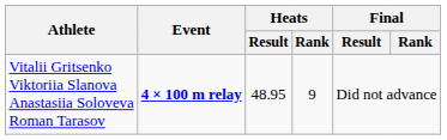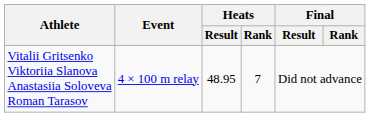 <table class=wikitable style=font-size:90%;text-align:center>
 <tr>
 <th rowspan=2>Athlete</th>
 <th rowspan=2>Event</th>
 <th colspan=2>Heats</th>
 <th colspan=2>Final</th>
 </tr>
 <tr style=font-size:95%>
 <th>Result</th>
 <th>Rank</th>
 <th>Result</th>
 <th>Rank</th>
 </tr>
 <tr>
 <td align=left><a href='#'>Vitalii Gritsenko</a><br><a href='#'>Viktoriia Slanova</a><br><a href='#'>Anastasiia Soloveva</a><br><a href='#'>Roman Tarasov</a></td>
-<td align=left><strong><a href='#'>4 × 100 m relay</a></strong></td>
+<td align=left><a href='#'>4 × 100 m relay</a></td>
 <td>48.95</td>
-<td>9</td>
+<td>7</td>
 <td colspan=2>Did not advance</td>
 </tr>
 </table>
